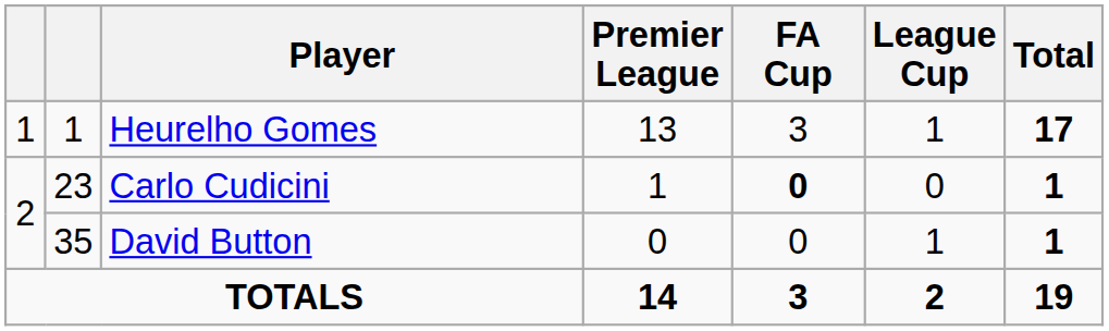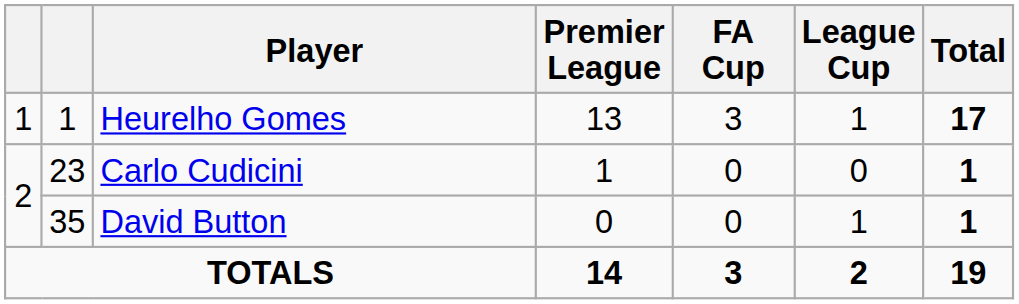 <table class="wikitable sortable" style="font-size: 95%; text-align: center;">
 <tr>
 <th width=10></th>
 <th width=10></th>
 <th width=200>Player</th>
 <th width=50>Premier League</th>
 <th width=50>FA Cup</th>
 <th width=50>League Cup</th>
 <th>Total</th>
 </tr>
 <tr>
 <td>1</td>
 <td>1</td>
 <td align="left"> <a href='#'>Heurelho Gomes</a></td>
 <td>13</td>
 <td>3</td>
 <td>1</td>
 <td><strong>17</strong></td>
 </tr>
 <tr>
 <td rowspan="2">2</td>
 <td>23</td>
 <td align="left"> <a href='#'>Carlo Cudicini</a></td>
 <td>1</td>
-<td><strong>0</strong></td>
+<td>0</td>
 <td>0</td>
 <td><strong>1</strong></td>
 </tr>
 <tr>
 <td>35</td>
 <td align="left"> <a href='#'>David Button</a></td>
 <td>0</td>
 <td>0</td>
 <td>1</td>
 <td><strong>1</strong></td>
 </tr>
 <tr>
 <td colspan="3"><strong>TOTALS</strong></td>
 <td><strong>14</strong></td>
 <td><strong>3</strong></td>
 <td><strong>2</strong></td>
 <td><strong>19</strong></td>
 </tr>
 </table>
